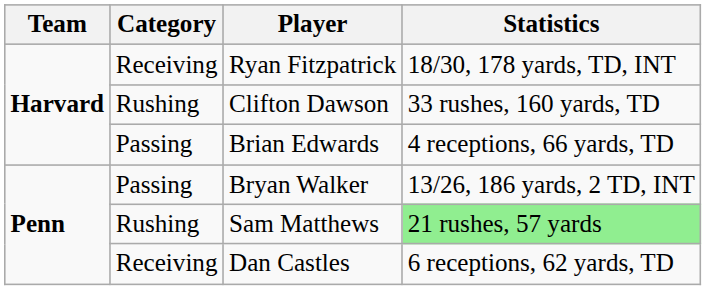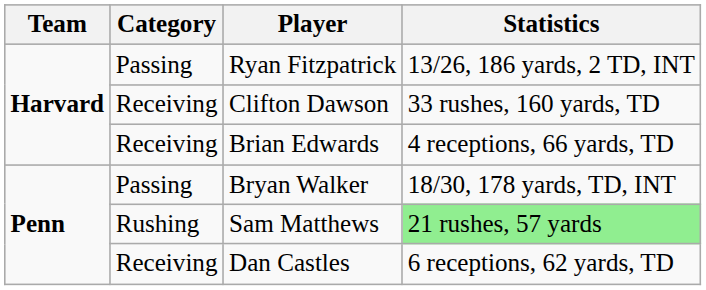 <table class="wikitable" style="float: left;">
 <tr>
 <th>Team</th>
 <th>Category</th>
 <th>Player</th>
 <th>Statistics</th>
 </tr>
 <tr>
 <td rowspan=3><strong>Harvard</strong></td>
-<td>Receiving</td>
+<td>Passing</td>
 <td>Ryan Fitzpatrick</td>
-<td>18/30, 178 yards, TD, INT</td>
+<td>13/26, 186 yards, 2 TD, INT</td>
 </tr>
 <tr>
-<td>Rushing</td>
+<td>Receiving</td>
 <td>Clifton Dawson</td>
 <td>33 rushes, 160 yards, TD</td>
 </tr>
 <tr>
-<td>Passing</td>
+<td>Receiving</td>
 <td>Brian Edwards</td>
 <td>4 receptions, 66 yards, TD</td>
 </tr>
 <tr>
 <td rowspan=3><strong>Penn</strong></td>
 <td>Passing</td>
 <td>Bryan Walker</td>
-<td>13/26, 186 yards, 2 TD, INT</td>
+<td>18/30, 178 yards, TD, INT</td>
 </tr>
 <tr>
 <td>Rushing</td>
 <td>Sam Matthews</td>
 <td style="background: lightgreen;">21 rushes, 57 yards</td>
 </tr>
 <tr>
 <td>Receiving</td>
 <td>Dan Castles</td>
 <td>6 receptions, 62 yards, TD</td>
 </tr>
 </table>
